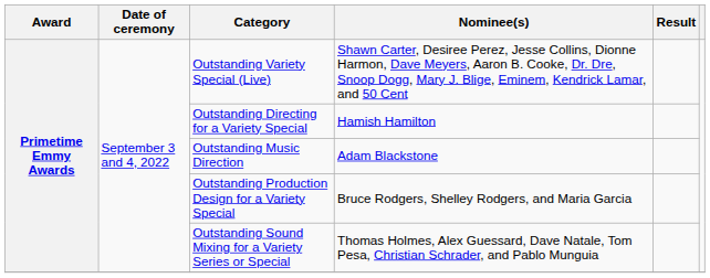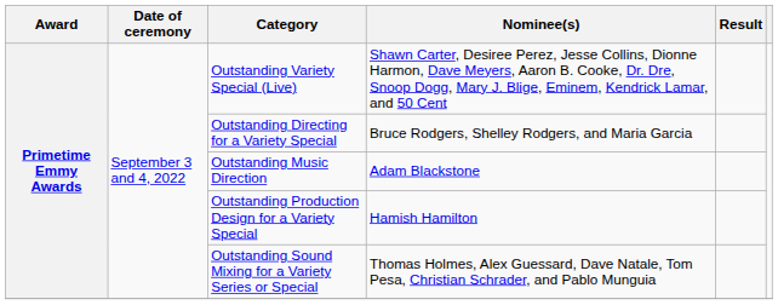 <table class="wikitable sortable plainrowheaders">
 <tr>
 <th>Award</th>
 <th>Date of ceremony</th>
 <th>Category</th>
 <th>Nominee(s)</th>
 <th>Result</th>
 <th></th>
 </tr>
 <tr>
 <th scope="row" rowspan="5"><a href='#'>Primetime Emmy Awards</a></th>
 <td rowspan="5"><a href='#'>September 3 and 4, 2022</a></td>
 <td><a href='#'>Outstanding Variety Special (Live)</a></td>
 <td><a href='#'>Shawn Carter</a>, Desiree Perez, Jesse Collins, Dionne Harmon, <a href='#'>Dave Meyers</a>, Aaron B. Cooke, <a href='#'>Dr. Dre</a>, <a href='#'>Snoop Dogg</a>, <a href='#'>Mary J. Blige</a>, <a href='#'>Eminem</a>, <a href='#'>Kendrick Lamar</a>, and <a href='#'>50 Cent</a></td>
 <td></td>
 <td align="center" rowspan="5"> <br></td>
 </tr>
 <tr>
 <td><a href='#'>Outstanding Directing for a Variety Special</a></td>
-<td><a href='#'>Hamish Hamilton</a></td>
+<td>Bruce Rodgers, Shelley Rodgers, and Maria Garcia</td>
 <td></td>
 </tr>
 <tr>
 <td><a href='#'>Outstanding Music Direction</a></td>
 <td><a href='#'>Adam Blackstone</a></td>
 <td></td>
 </tr>
 <tr>
 <td><a href='#'>Outstanding Production Design for a Variety Special</a></td>
-<td>Bruce Rodgers, Shelley Rodgers, and Maria Garcia</td>
+<td><a href='#'>Hamish Hamilton</a></td>
 <td></td>
 </tr>
 <tr>
 <td><a href='#'>Outstanding Sound Mixing for a Variety Series or Special</a></td>
 <td>Thomas Holmes, Alex Guessard, Dave Natale, Tom Pesa, <a href='#'>Christian Schrader</a>, and Pablo Munguia</td>
 <td></td>
 </tr>
 <tr>
 </tr>
 </table>
